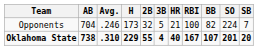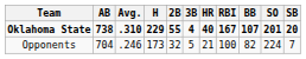 <table class="wikitable sortable">
 <tr>
 <th>Team</th>
 <th>AB</th>
 <th>Avg.</th>
 <th>H</th>
 <th>2B</th>
 <th>3B</th>
 <th>HR</th>
 <th>RBI</th>
 <th>BB</th>
 <th>SO</th>
 <th>SB</th>
 </tr>
 <tr style="text-align:center;">
+<td><strong>Oklahoma State</strong></td>
+<td><strong>738</strong></td>
+<td><strong>.310</strong></td>
+<td><strong>229</strong></td>
+<td><strong>55</strong></td>
+<td><strong>4</strong></td>
+<td><strong>40</strong></td>
+<td><strong>167</strong></td>
+<td><strong>107</strong></td>
+<td><strong>201</strong></td>
+<td><strong>20</strong></td>
+</tr>
+<tr style="text-align:center;">
 <td>Opponents</td>
 <td>704</td>
 <td>.246</td>
 <td>173</td>
 <td>32</td>
 <td>5</td>
 <td>21</td>
 <td>100</td>
 <td>82</td>
 <td>224</td>
 <td>7</td>
 </tr>
-<tr style="text-align:center;">
-<td><strong>Oklahoma State</strong></td>
-<td><strong>738</strong></td>
-<td><strong>.310</strong></td>
-<td><strong>229</strong></td>
-<td><strong>55</strong></td>
-<td><strong>4</strong></td>
-<td><strong>40</strong></td>
-<td><strong>167</strong></td>
-<td><strong>107</strong></td>
-<td><strong>201</strong></td>
-<td><strong>20</strong></td>
-</tr>
 </table>
